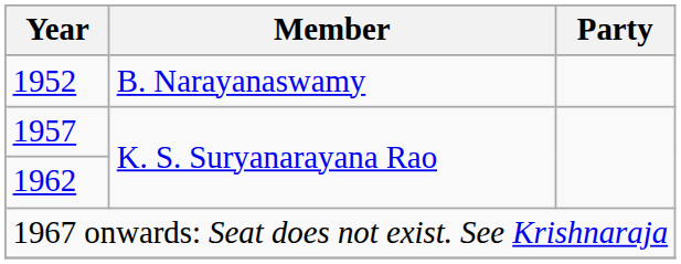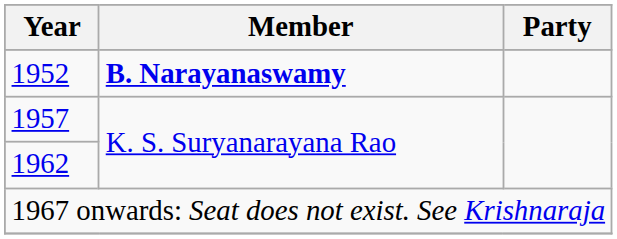 <table class="wikitable">
 <tr>
 <th>Year</th>
 <th>Member</th>
 <th colspan="2">Party</th>
 </tr>
 <tr>
 <td><a href='#'>1952</a></td>
-<td><a href='#'>B. Narayanaswamy</a></td>
+<td><strong><a href='#'>B. Narayanaswamy</a></strong></td>
 <td></td>
 </tr>
 <tr>
 <td><a href='#'>1957</a></td>
 <td rowspan="2"><a href='#'>K. S. Suryanarayana Rao</a></td>
 </tr>
 <tr>
 <td><a href='#'>1962</a></td>
 </tr>
 <tr>
 <td colspan=4 align=center>1967 onwards: <em>Seat does not exist. See <a href='#'>Krishnaraja</a></em></td>
 </tr>
 <tr>
 </tr>
 </table>
